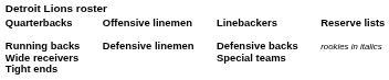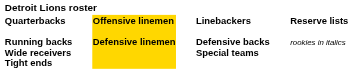 <table class="toccolours" style="text-align: left;">
 <tr>
 <th colspan="7">Detroit Lions roster</th>
 </tr>
 <tr>
 <td style="font-size:95%; vertical-align:top;"><strong>Quarterbacks</strong><br>  <br><strong>Running backs</strong>     <br><strong>Wide receivers</strong>     <br><strong>Tight ends</strong>   </td>
 <td style="width: 25px;"></td>
-<td style="font-size:95%; vertical-align:top;"><strong>Offensive linemen</strong><br>        <br><strong>Defensive linemen</strong>       </td>
+<td style="background: gold; font-size:95%; vertical-align:top;"><strong>Offensive linemen</strong><br>        <br><strong>Defensive linemen</strong>       </td>
 <td style="width: 25px;"></td>
 <td style="font-size:95%; vertical-align:top;"><strong>Linebackers</strong><br>      <br><strong>Defensive backs</strong>        <br><strong>Special teams</strong>  </td>
 <td style="width: 25px;"></td>
 <td style="font-size:95%; vertical-align:top;"><strong>Reserve lists</strong><br>     <br><small><em>rookies in italics</em></small><br></td>
 </tr>
 </table>
